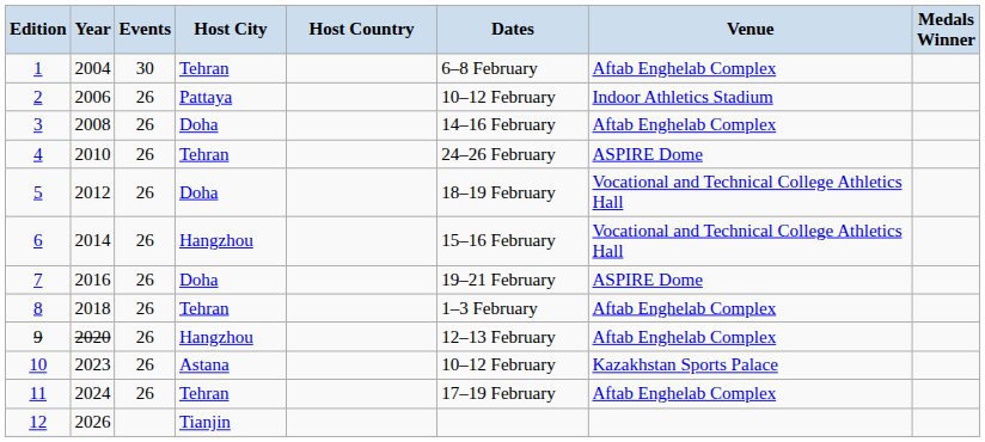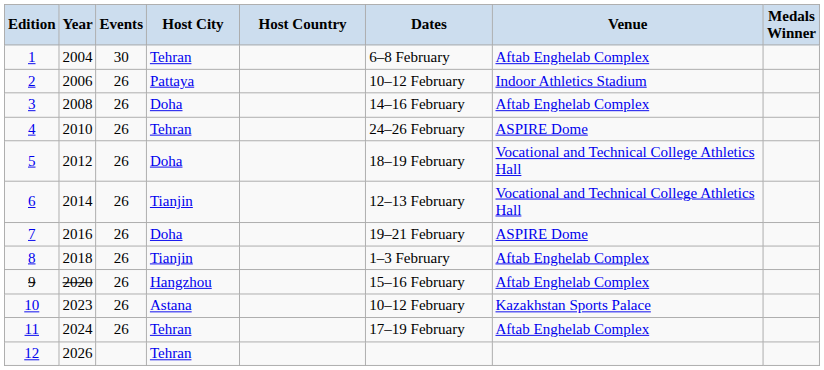 <table class="wikitable" style="text-align:left">
 <tr>
 <th style="background-color: #CCDDEE;">Edition</th>
 <th style="background-color: #CCDDEE;">Year</th>
 <th style="background-color: #CCDDEE;">Events</th>
 <th style="background-color: #CCDDEE;" width=100>Host City</th>
 <th style="background-color: #CCDDEE;" width=150>Host Country</th>
 <th style="background-color: #CCDDEE;" width=150>Dates</th>
 <th style="background-color: #CCDDEE;" width=350>Venue</th>
 <th style="background-color: #CCDDEE;">Medals Winner</th>
 </tr>
 <tr>
 <td align=center><a href='#'>1</a></td>
 <td align=center>2004</td>
 <td align=center>30</td>
 <td><a href='#'>Tehran</a></td>
 <td></td>
 <td>6–8 February</td>
 <td><a href='#'>Aftab Enghelab Complex</a></td>
 <td></td>
 </tr>
 <tr>
 <td align=center><a href='#'>2</a></td>
 <td align=center>2006</td>
 <td align=center>26</td>
 <td><a href='#'>Pattaya</a></td>
 <td></td>
 <td>10–12 February</td>
 <td><a href='#'>Indoor Athletics Stadium</a></td>
 <td></td>
 </tr>
 <tr>
 <td align=center><a href='#'>3</a></td>
 <td align=center>2008</td>
 <td align=center>26</td>
 <td><a href='#'>Doha</a></td>
 <td></td>
 <td>14–16 February</td>
 <td><a href='#'>Aftab Enghelab Complex</a></td>
 <td></td>
 </tr>
 <tr>
 <td align=center><a href='#'>4</a></td>
 <td align=center>2010</td>
 <td align=center>26</td>
 <td><a href='#'>Tehran</a></td>
 <td></td>
 <td>24–26 February</td>
 <td><a href='#'>ASPIRE Dome</a></td>
 <td></td>
 </tr>
 <tr>
 <td align=center><a href='#'>5</a></td>
 <td align=center>2012</td>
 <td align=center>26</td>
 <td><a href='#'>Doha</a></td>
 <td></td>
 <td>18–19 February</td>
 <td><a href='#'>Vocational and Technical College Athletics Hall</a></td>
 <td></td>
 </tr>
 <tr>
 <td align=center><a href='#'>6</a></td>
 <td align=center>2014</td>
 <td align=center>26</td>
-<td><a href='#'>Hangzhou</a></td>
+<td><a href='#'>Tianjin</a></td>
 <td></td>
-<td>15–16 February</td>
+<td>12–13 February</td>
 <td><a href='#'>Vocational and Technical College Athletics Hall</a></td>
 <td></td>
 </tr>
 <tr>
 <td align=center><a href='#'>7</a></td>
 <td align=center>2016</td>
 <td align=center>26</td>
 <td><a href='#'>Doha</a></td>
 <td></td>
 <td>19–21 February</td>
 <td><a href='#'>ASPIRE Dome</a></td>
 <td></td>
 </tr>
 <tr>
 <td align=center><a href='#'>8</a></td>
 <td align=center>2018</td>
 <td align=center>26</td>
-<td><a href='#'>Tehran</a></td>
+<td><a href='#'>Tianjin</a></td>
 <td></td>
 <td>1–3 February</td>
 <td><a href='#'>Aftab Enghelab Complex</a></td>
 <td></td>
 </tr>
 <tr>
 <td align=center><s>9</s></td>
 <td align=center><s>2020</s></td>
 <td align=center>26</td>
 <td><a href='#'>Hangzhou</a></td>
 <td></td>
-<td>12–13 February</td>
+<td>15–16 February</td>
 <td><a href='#'>Aftab Enghelab Complex</a></td>
 </tr>
 <tr>
 <td align=center><a href='#'>10</a></td>
 <td align=center>2023</td>
 <td align=center>26</td>
 <td><a href='#'>Astana</a></td>
 <td></td>
 <td>10–12 February</td>
 <td><a href='#'>Kazakhstan Sports Palace</a></td>
 <td></td>
 </tr>
 <tr>
 <td align=center><a href='#'>11</a></td>
 <td align=center>2024</td>
 <td align=center>26</td>
 <td><a href='#'>Tehran</a></td>
 <td></td>
 <td>17–19 February</td>
 <td><a href='#'>Aftab Enghelab Complex</a></td>
 <td></td>
 </tr>
 <tr>
 <td align=center><a href='#'>12</a></td>
 <td align=center>2026</td>
 <td align=center></td>
-<td><a href='#'>Tianjin</a></td>
+<td><a href='#'>Tehran</a></td>
 <td></td>
 <td></td>
 <td></td>
 <td></td>
 </tr>
 </table>
